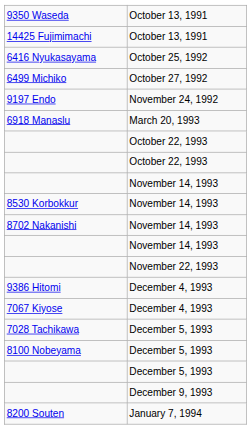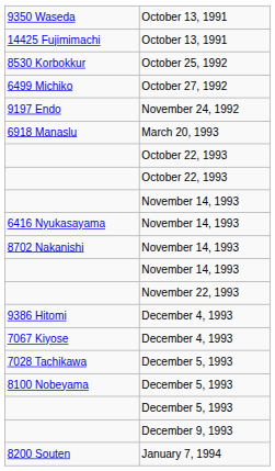 <table class="wikitable" style="font-size: 89%; float: left; width: 24em; margin-right: 1em; line-height: 1.6em !important;">
 <tr>
 <td><a href='#'>9350 Waseda</a> </td>
 <td>October 13, 1991</td>
 </tr>
 <tr>
 <td><a href='#'>14425 Fujimimachi</a> </td>
 <td>October 13, 1991</td>
 </tr>
 <tr>
-<td><a href='#'>6416 Nyukasayama</a> </td>
+<td><a href='#'>8530 Korbokkur</a> </td>
 <td>October 25, 1992</td>
 </tr>
 <tr>
 <td><a href='#'>6499 Michiko</a> </td>
 <td>October 27, 1992</td>
 </tr>
 <tr>
 <td><a href='#'>9197 Endo</a> </td>
 <td>November 24, 1992</td>
 </tr>
 <tr>
 <td><a href='#'>6918 Manaslu</a> </td>
 <td>March 20, 1993</td>
 </tr>
 <tr>
 <td> </td>
 <td>October 22, 1993</td>
 </tr>
 <tr>
 <td> </td>
 <td>October 22, 1993</td>
 </tr>
 <tr>
 <td> </td>
 <td>November 14, 1993</td>
 </tr>
 <tr>
-<td><a href='#'>8530 Korbokkur</a> </td>
+<td><a href='#'>6416 Nyukasayama</a> </td>
 <td>November 14, 1993</td>
 </tr>
 <tr>
 <td><a href='#'>8702 Nakanishi</a> </td>
 <td>November 14, 1993</td>
 </tr>
 <tr>
 <td> </td>
 <td>November 14, 1993</td>
 </tr>
 <tr>
 <td> </td>
 <td>November 22, 1993</td>
 </tr>
 <tr>
 <td><a href='#'>9386 Hitomi</a> </td>
 <td>December 4, 1993</td>
 </tr>
 <tr>
 <td><a href='#'>7067 Kiyose</a> </td>
 <td>December 4, 1993</td>
 </tr>
 <tr>
 <td><a href='#'>7028 Tachikawa</a> </td>
 <td>December 5, 1993</td>
 </tr>
 <tr>
 <td><a href='#'>8100 Nobeyama</a> </td>
 <td>December 5, 1993</td>
 </tr>
 <tr>
 <td> </td>
 <td>December 5, 1993</td>
 </tr>
 <tr>
 <td> </td>
 <td>December 9, 1993</td>
 </tr>
 <tr>
 <td><a href='#'>8200 Souten</a> </td>
 <td>January 7, 1994</td>
 </tr>
 </table>
